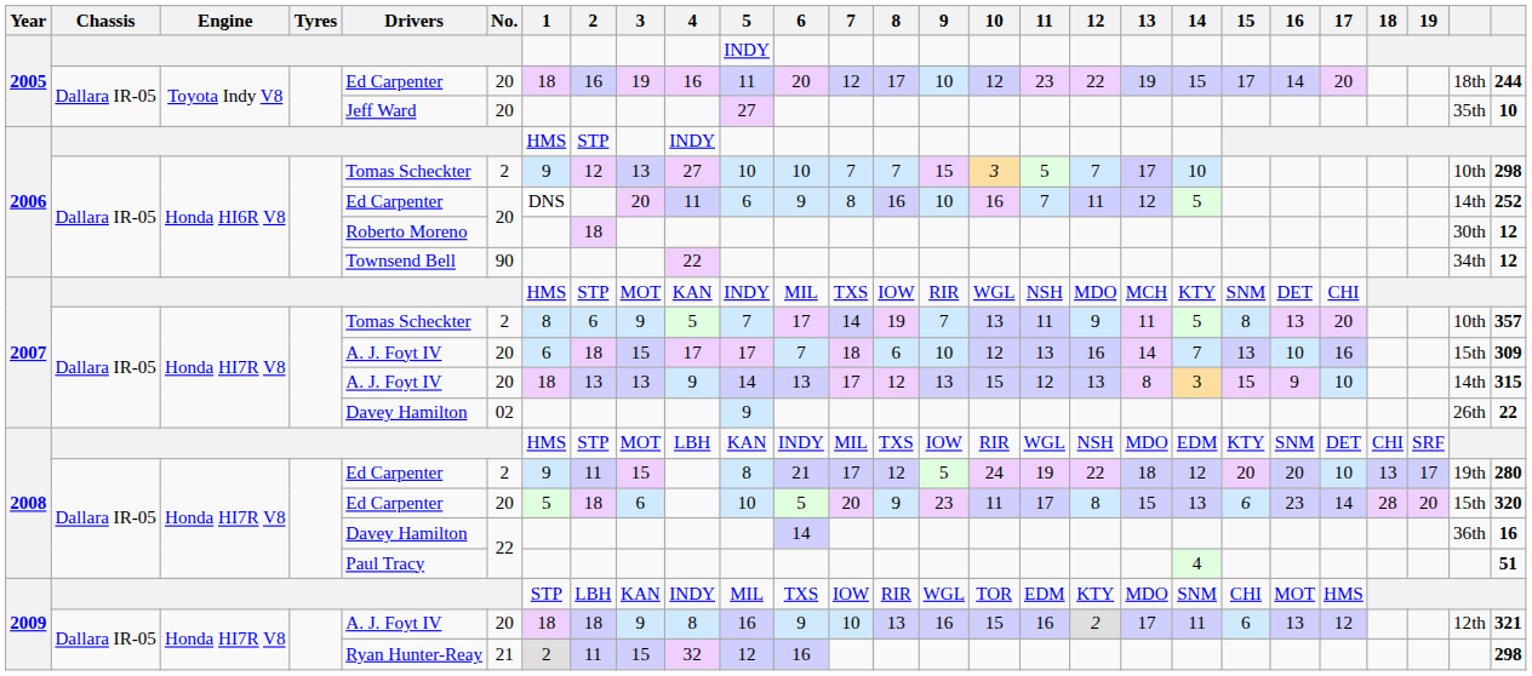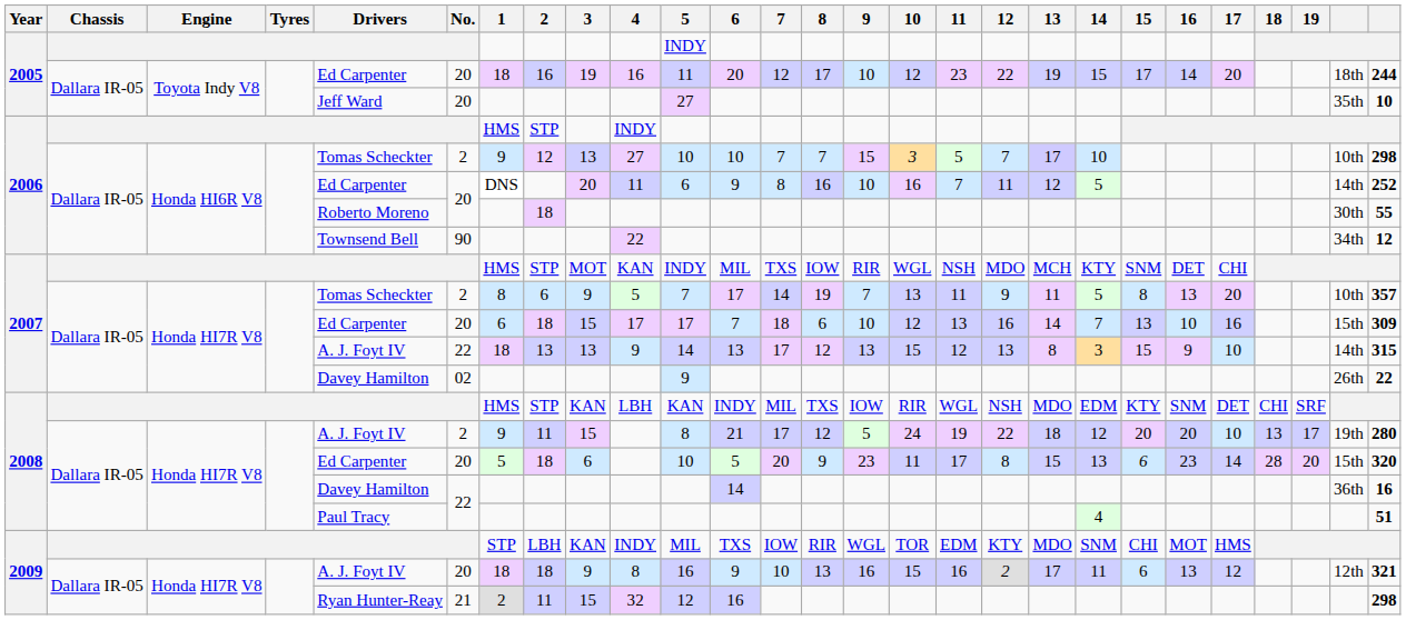 <table class="wikitable" style="text-align:center; font-size:85%">
 <tr>
 <th>Year</th>
 <th>Chassis</th>
 <th>Engine</th>
 <th>Tyres</th>
 <th>Drivers</th>
 <th>No.</th>
 <th>1</th>
 <th>2</th>
 <th>3</th>
 <th>4</th>
 <th>5</th>
 <th>6</th>
 <th>7</th>
 <th>8</th>
 <th>9</th>
 <th>10</th>
 <th>11</th>
 <th>12</th>
 <th>13</th>
 <th>14</th>
 <th>15</th>
 <th>16</th>
 <th>17</th>
 <th>18</th>
 <th>19</th>
 <th></th>
 <th></th>
 </tr>
 <tr>
 <th rowspan=3><a href='#'>2005</a></th>
 <th colspan=5></th>
 <td></td>
 <td></td>
 <td></td>
 <td></td>
 <td><a href='#'>INDY</a></td>
 <td></td>
 <td></td>
 <td></td>
 <td></td>
 <td></td>
 <td></td>
 <td></td>
 <td></td>
 <td></td>
 <td></td>
 <td></td>
 <td></td>
 <th colspan=4></th>
 </tr>
 <tr>
 <td rowspan=2><a href='#'>Dallara</a> IR-05</td>
 <td rowspan=2><a href='#'>Toyota</a> Indy <a href='#'>V8</a></td>
 <td rowspan=2></td>
 <td align="left"> <a href='#'>Ed Carpenter</a></td>
 <td>20</td>
 <td style="background:#EFCFFF;" align=center>18</td>
 <td style="background:#CFCFFF;" align=center>16</td>
 <td style="background:#EFCFFF;" align=center>19</td>
 <td style="background:#EFCFFF;" align=center>16</td>
 <td style="background:#CFCFFF;" align=center>11</td>
 <td style="background:#EFCFFF;" align=center>20</td>
 <td style="background:#CFCFFF;" align=center>12</td>
 <td style="background:#CFCFFF;" align=center>17</td>
 <td style="background:#CFEAFF;" align=center>10</td>
 <td style="background:#CFCFFF;" align=center>12</td>
 <td style="background:#EFCFFF;" align=center>23</td>
 <td style="background:#EFCFFF;" align=center>22</td>
 <td style="background:#CFCFFF;" align=center>19</td>
 <td style="background:#CFCFFF;" align=center>15</td>
 <td style="background:#CFCFFF;" align=center>17</td>
 <td style="background:#CFCFFF;" align=center>14</td>
 <td style="background:#EFCFFF;" align=center>20</td>
 <td></td>
 <td></td>
 <td>18th</td>
 <td><strong>244</strong></td>
 </tr>
 <tr>
 <td align="left"> <a href='#'>Jeff Ward</a></td>
 <td>20</td>
 <td></td>
 <td></td>
 <td></td>
 <td></td>
 <td style="background:#EFCFFF;" align=center>27</td>
 <td></td>
 <td></td>
 <td></td>
 <td></td>
 <td></td>
 <td></td>
 <td></td>
 <td></td>
 <td></td>
 <td></td>
 <td></td>
 <td></td>
 <td></td>
 <td></td>
 <td>35th</td>
 <td><strong>10</strong></td>
 </tr>
 <tr>
 <th rowspan=5><a href='#'>2006</a></th>
 <th colspan=5></th>
 <td><a href='#'>HMS</a></td>
 <td><a href='#'>STP</a></td>
 <td></td>
 <td><a href='#'>INDY</a></td>
 <td></td>
 <td></td>
 <td></td>
 <td></td>
 <td></td>
 <td></td>
 <td></td>
 <td></td>
 <td></td>
 <td></td>
 <th colspan=7></th>
 </tr>
 <tr>
 <td rowspan=4><a href='#'>Dallara</a> IR-05</td>
 <td rowspan=4><a href='#'>Honda</a> <a href='#'>HI6R</a> <a href='#'>V8</a></td>
 <td rowspan=4></td>
 <td align="left"> <a href='#'>Tomas Scheckter</a></td>
 <td>2</td>
 <td style="background:#CFEAFF;" align=center>9</td>
 <td style="background:#EFCFFF;" align=center>12</td>
 <td style="background:#CFCFFF;" align=center>13</td>
 <td style="background:#EFCFFF;" align=center>27</td>
 <td style="background:#CFEAFF;" align=center>10</td>
 <td style="background:#CFEAFF;" align=center>10</td>
 <td style="background:#CFEAFF;" align=center>7</td>
 <td style="background:#CFEAFF;" align=center>7</td>
 <td style="background:#EFCFFF;" align=center>15</td>
 <td style="background:#FFDF9F;" align=center><em>3</em></td>
 <td style="background:#DFFFDF;" align=center>5</td>
 <td style="background:#CFEAFF;" align=center>7</td>
 <td style="background:#CFCAFF;" align=center>17</td>
 <td style="background:#CFEAFF;" align=center>10</td>
 <td></td>
 <td></td>
 <td></td>
 <td></td>
 <td></td>
 <td>10th</td>
 <td><strong>298</strong></td>
 </tr>
 <tr>
 <td align="left"> <a href='#'>Ed Carpenter</a></td>
 <td rowspan=2>20</td>
 <td style="background:#FFFFFF;" align=center>DNS</td>
 <td></td>
 <td style="background:#EFCFFF;" align=center>20</td>
 <td style="background:#CFCFFF;" align=center>11</td>
 <td style="background:#CFEAFF;" align=center>6</td>
 <td style="background:#CFEAFF;" align=center>9</td>
 <td style="background:#CFEAFF;" align=center>8</td>
 <td style="background:#CFCFFF;" align=center>16</td>
 <td style="background:#CFEAFF;" align=center>10</td>
 <td style="background:#EFCFFF;" align=center>16</td>
 <td style="background:#CFEAFF;" align=center>7</td>
 <td style="background:#CFCFFF;" align=center>11</td>
 <td style="background:#CFCFFF;" align=center>12</td>
 <td style="background:#DFFFDF;" align=center>5</td>
 <td></td>
 <td></td>
 <td></td>
 <td></td>
 <td></td>
 <td>14th</td>
 <td><strong>252</strong></td>
 </tr>
 <tr>
 <td align="left"> <a href='#'>Roberto Moreno</a></td>
 <td></td>
 <td style="background:#EFCFFF;" align=center>18</td>
 <td></td>
 <td></td>
 <td></td>
 <td></td>
 <td></td>
 <td></td>
 <td></td>
 <td></td>
 <td></td>
 <td></td>
 <td></td>
 <td></td>
 <td></td>
 <td></td>
 <td></td>
 <td></td>
 <td></td>
 <td>30th</td>
-<td><strong>12</strong></td>
+<td><strong>55</strong></td>
 </tr>
 <tr>
 <td align="left"> <a href='#'>Townsend Bell</a></td>
 <td>90</td>
 <td></td>
 <td></td>
 <td></td>
 <td style="background:#EFCFFF;" align=center>22</td>
 <td></td>
 <td></td>
 <td></td>
 <td></td>
 <td></td>
 <td></td>
 <td></td>
 <td></td>
 <td></td>
 <td></td>
 <td></td>
 <td></td>
 <td></td>
 <td></td>
 <td></td>
 <td>34th</td>
 <td><strong>12</strong></td>
 </tr>
 <tr>
 <th rowspan="5"><a href='#'>2007</a></th>
 <th colspan=5></th>
 <td><a href='#'>HMS</a></td>
 <td><a href='#'>STP</a></td>
 <td><a href='#'>MOT</a></td>
 <td><a href='#'>KAN</a></td>
 <td><a href='#'>INDY</a></td>
 <td><a href='#'>MIL</a></td>
 <td><a href='#'>TXS</a></td>
 <td><a href='#'>IOW</a></td>
 <td><a href='#'>RIR</a></td>
 <td><a href='#'>WGL</a></td>
 <td><a href='#'>NSH</a></td>
 <td><a href='#'>MDO</a></td>
 <td><a href='#'>MCH</a></td>
 <td><a href='#'>KTY</a></td>
 <td><a href='#'>SNM</a></td>
 <td><a href='#'>DET</a></td>
 <td><a href='#'>CHI</a></td>
 <th colspan=4></th>
 </tr>
 <tr>
 <td rowspan=4><a href='#'>Dallara</a> IR-05</td>
 <td rowspan=4><a href='#'>Honda</a> <a href='#'>HI7R</a> <a href='#'>V8</a></td>
 <td rowspan=4></td>
 <td align="left"> <a href='#'>Tomas Scheckter</a></td>
 <td>2</td>
 <td style="background:#CFEAFF;" align=center>8</td>
 <td style="background:#CFEAFF;" align=center>6</td>
 <td style="background:#CFEAFF;" align=center>9</td>
 <td style="background:#DFFFDF;" align=center>5</td>
 <td style="background:#CFEAFF;" align=center>7</td>
 <td style="background:#EFCFFF;" align=center>17</td>
 <td style="background:#CFCFFF;" align=center>14</td>
 <td style="background:#EFCFFF;" align=center>19</td>
 <td style="background:#CFEAFF;" align=center>7</td>
 <td style="background:#CFCFFF;" align=center>13</td>
 <td style="background:#CFCFFF;" align=center>11</td>
 <td style="background:#CFEAFF;" align=center>9</td>
 <td style="background:#EFCFFF;" align=center>11</td>
 <td style="background:#DFFFDF;" align=center>5</td>
 <td style="background:#CFEAFF;" align=center>8</td>
 <td style="background:#EFCFFF;" align=center>13</td>
 <td style="background:#EFCFFF;" align=center>20</td>
 <td></td>
 <td></td>
 <td>10th</td>
 <td><strong>357</strong></td>
 </tr>
 <tr>
-<td align="left"> <a href='#'>A. J. Foyt IV</a></td>
+<td align="left"> <a href='#'>Ed Carpenter</a></td>
 <td>20</td>
 <td style="background:#CFEAFF;" align=center>6</td>
 <td style="background:#EFCFFF;" align=center>18</td>
 <td style="background:#CFCFFF;" align=center>15</td>
 <td style="background:#EFCFFF;" align=center>17</td>
 <td style="background:#EFCFFF;" align=center>17</td>
 <td style="background:#CFEAFF;" align=center>7</td>
 <td style="background:#EFCFFF;" align=center>18</td>
 <td style="background:#CFEAFF;" align=center>6</td>
 <td style="background:#CFEAFF;" align=center>10</td>
 <td style="background:#CFCFFF;" align=center>12</td>
 <td style="background:#CFCFFF;" align=center>13</td>
 <td style="background:#CFCFFF;" align=center>16</td>
 <td style="background:#EFCFFF;" align=center>14</td>
 <td style="background:#CFEAFF;" align=center>7</td>
 <td style="background:#CFCFFF;" align=center>13</td>
 <td style="background:#CFEAFF;" align=center>10</td>
 <td style="background:#CFCFFF;" align=center>16</td>
 <td></td>
 <td></td>
 <td>15th</td>
 <td><strong>309</strong></td>
 </tr>
 <tr>
 <td align="left"> <a href='#'>A. J. Foyt IV</a></td>
-<td>20</td>
+<td>22</td>
 <td style="background:#EFCFFF;" align=center>18</td>
 <td style="background:#CFCFFF;" align=center>13</td>
 <td style="background:#CFCFFF;" align=center>13</td>
 <td style="background:#CFEAFF;" align=center>9</td>
 <td style="background:#CFCFFF;" align=center>14</td>
 <td style="background:#CFCFFF;" align=center>13</td>
 <td style="background:#EFCFFF;" align=center>17</td>
 <td style="background:#EFCFFF;" align=center>12</td>
 <td style="background:#CFCFFF;" align=center>13</td>
 <td style="background:#CFCFFF;" align=center>15</td>
 <td style="background:#CFCFFF;" align=center>12</td>
 <td style="background:#CFCFFF;" align=center>13</td>
 <td style="background:#EFCFFF;" align=center>8</td>
 <td style="background:#FFDF9F;" align=center>3</td>
 <td style="background:#EFCFFF;" align=center>15</td>
 <td style="background:#EFCFFF;" align=center>9</td>
 <td style="background:#CFEAFF;" align=center>10</td>
 <td></td>
 <td></td>
 <td>14th</td>
 <td><strong>315</strong></td>
 </tr>
 <tr>
 <td align="left"> <a href='#'>Davey Hamilton</a></td>
 <td>02</td>
 <td></td>
 <td></td>
 <td></td>
 <td></td>
 <td style="background:#CFEAFF;" align=center>9</td>
 <td></td>
 <td></td>
 <td></td>
 <td></td>
 <td></td>
 <td></td>
 <td></td>
 <td></td>
 <td></td>
 <td></td>
 <td></td>
 <td></td>
 <td></td>
 <td></td>
 <td>26th</td>
 <td><strong>22</strong></td>
 </tr>
 <tr>
 <th rowspan="5"><a href='#'>2008</a></th>
 <th colspan=5></th>
 <td><a href='#'>HMS</a></td>
 <td><a href='#'>STP</a></td>
-<td><a href='#'>MOT</a></td>
+<td><a href='#'>KAN</a></td>
 <td><a href='#'>LBH</a></td>
 <td><a href='#'>KAN</a></td>
 <td><a href='#'>INDY</a></td>
 <td><a href='#'>MIL</a></td>
 <td><a href='#'>TXS</a></td>
 <td><a href='#'>IOW</a></td>
 <td><a href='#'>RIR</a></td>
 <td><a href='#'>WGL</a></td>
 <td><a href='#'>NSH</a></td>
 <td><a href='#'>MDO</a></td>
 <td><a href='#'>EDM</a></td>
 <td><a href='#'>KTY</a></td>
 <td><a href='#'>SNM</a></td>
 <td><a href='#'>DET</a></td>
 <td><a href='#'>CHI</a></td>
 <td><a href='#'>SRF</a></td>
 <th colspan=2></th>
 </tr>
 <tr>
 <td rowspan=4><a href='#'>Dallara</a> IR-05</td>
 <td rowspan=4><a href='#'>Honda</a> <a href='#'>HI7R</a> <a href='#'>V8</a></td>
 <td rowspan=4></td>
-<td align="left"> <a href='#'>Ed Carpenter</a></td>
+<td align="left"> <a href='#'>A. J. Foyt IV</a></td>
 <td>2</td>
 <td style="background:#cfeaff; text-align:center;">9</td>
 <td style="background:#cfcfff; text-align:center;">11</td>
 <td style="background:#efcfff; text-align:center;">15</td>
 <td></td>
 <td style="background:#cfeaff; text-align:center;">8</td>
 <td style="background:#cfcfff; text-align:center;">21</td>
 <td style="background:#cfcfff; text-align:center;">17</td>
 <td style="background:#cfcfff; text-align:center;">12</td>
 <td style="background:#dfffdf; text-align:center;">5</td>
 <td style="background:#efcfff; text-align:center;">24</td>
 <td style="background:#efcfff; text-align:center;">19</td>
 <td style="background:#efcfff; text-align:center;">22</td>
 <td style="background:#cfcfff; text-align:center;">18</td>
 <td style="background:#cfcfff; text-align:center;">12</td>
 <td style="background:#efcfff; text-align:center;">20</td>
 <td style="background:#cfcfff; text-align:center;">20</td>
 <td style="background:#cfeaff; text-align:center;">10</td>
 <td style="background:#cfcfff; text-align:center;">13</td>
 <td style="background:#cfcfff; text-align:center;">17</td>
 <td>19th</td>
 <td><strong>280</strong></td>
 </tr>
 <tr>
 <td align="left"> <a href='#'>Ed Carpenter</a></td>
 <td>20</td>
 <td style="background:#dfffdf; text-align:center;">5</td>
 <td style="background:#efcfff; text-align:center;">18</td>
 <td style="background:#cfeaff; text-align:center;">6</td>
 <td></td>
 <td style="background:#cfeaff; text-align:center;">10</td>
 <td style="background:#dfffdf; text-align:center;">5</td>
 <td style="background:#efcfff; text-align:center;">20</td>
 <td style="background:#cfeaff; text-align:center;">9</td>
 <td style="background:#efcfff; text-align:center;">23</td>
 <td style="background:#cfcfff; text-align:center;">11</td>
 <td style="background:#cfcfff; text-align:center;">17</td>
 <td style="background:#cfeaff; text-align:center;">8</td>
 <td style="background:#cfcfff; text-align:center;">15</td>
 <td style="background:#cfcfff; text-align:center;">13</td>
 <td style="background:#cfeaff; text-align:center;"><em>6</em></td>
 <td style="background:#cfcfff; text-align:center;">23</td>
 <td style="background:#cfcfff; text-align:center;">14</td>
 <td style="background:#efcfff; text-align:center;">28</td>
 <td style="background:#efcfff; text-align:center;">20</td>
 <td>15th</td>
 <td><strong>320</strong></td>
 </tr>
 <tr>
 <td align="left"> <a href='#'>Davey Hamilton</a></td>
 <td rowspan=2>22</td>
 <td></td>
 <td></td>
 <td></td>
 <td></td>
 <td></td>
 <td style="background:#cfcfff; text-align:center;">14</td>
 <td></td>
 <td></td>
 <td></td>
 <td></td>
 <td></td>
 <td></td>
 <td></td>
 <td></td>
 <td></td>
 <td></td>
 <td></td>
 <td></td>
 <td></td>
 <td>36th</td>
 <td><strong>16</strong></td>
 </tr>
 <tr>
 <td align="left"> <a href='#'>Paul Tracy</a></td>
 <td></td>
 <td></td>
 <td></td>
 <td></td>
 <td></td>
 <td></td>
 <td></td>
 <td></td>
 <td></td>
 <td></td>
 <td></td>
 <td></td>
 <td></td>
 <td style="background:#dfffdf; text-align:center;">4</td>
 <td></td>
 <td></td>
 <td></td>
 <td></td>
 <td></td>
 <td></td>
 <td><strong>51</strong></td>
 </tr>
 <tr>
 <th rowspan=3><a href='#'>2009</a></th>
 <th colspan=5></th>
 <td><a href='#'>STP</a></td>
 <td><a href='#'>LBH</a></td>
 <td><a href='#'>KAN</a></td>
 <td><a href='#'>INDY</a></td>
 <td><a href='#'>MIL</a></td>
 <td><a href='#'>TXS</a></td>
 <td><a href='#'>IOW</a></td>
 <td><a href='#'>RIR</a></td>
 <td><a href='#'>WGL</a></td>
 <td><a href='#'>TOR</a></td>
 <td><a href='#'>EDM</a></td>
 <td><a href='#'>KTY</a></td>
 <td><a href='#'>MDO</a></td>
 <td><a href='#'>SNM</a></td>
 <td><a href='#'>CHI</a></td>
 <td><a href='#'>MOT</a></td>
 <td><a href='#'>HMS</a></td>
 <th colspan=4></th>
 </tr>
 <tr>
 <td rowspan=2><a href='#'>Dallara</a> IR-05</td>
 <td rowspan=2><a href='#'>Honda</a> <a href='#'>HI7R</a> <a href='#'>V8</a></td>
 <td rowspan=2></td>
 <td align="left"> <a href='#'>A. J. Foyt IV</a></td>
 <td>20</td>
 <td style="background:#EFCFFF;">18</td>
 <td style="background:#CFCFFF;">18</td>
 <td style="background:#CFEAFF;">9</td>
 <td style="background:#CFEAFF;">8</td>
 <td style="background:#CFCFFF;">16</td>
 <td style="background:#CFEAFF;">9</td>
 <td style="background:#CFEAFF;">10</td>
 <td style="background:#CFCFFF;">13</td>
 <td style="background:#CFCFFF;">16</td>
 <td style="background:#CFCFFF;">15</td>
 <td style="background:#CFCFFF;">16</td>
 <td style="background:#DFDFDF;"><em>2</em></td>
 <td style="background:#CFCFFF;">17</td>
 <td style="background:#CFCFFF;">11</td>
 <td style="background:#CFEAFF;">6</td>
 <td style="background:#CFCFFF;">13</td>
 <td style="background:#CFCFFF;">12</td>
 <td></td>
 <td></td>
 <td>12th</td>
 <td><strong>321</strong></td>
 </tr>
 <tr>
 <td align="left"> <a href='#'>Ryan Hunter-Reay</a></td>
 <td>21</td>
 <td style="background:#DFDFDF;">2</td>
 <td style="background:#CFCFFF;">11</td>
 <td style="background:#CFCFFF;">15</td>
 <td style="background:#EFCFFF;">32</td>
 <td style="background:#CFCFFF;">12</td>
 <td style="background:#CFCFFF;">16</td>
 <td></td>
 <td></td>
 <td></td>
 <td></td>
 <td></td>
 <td></td>
 <td></td>
 <td></td>
 <td></td>
 <td></td>
 <td></td>
 <td></td>
 <td></td>
 <td></td>
 <td><strong>298</strong></td>
 </tr>
 </table>
